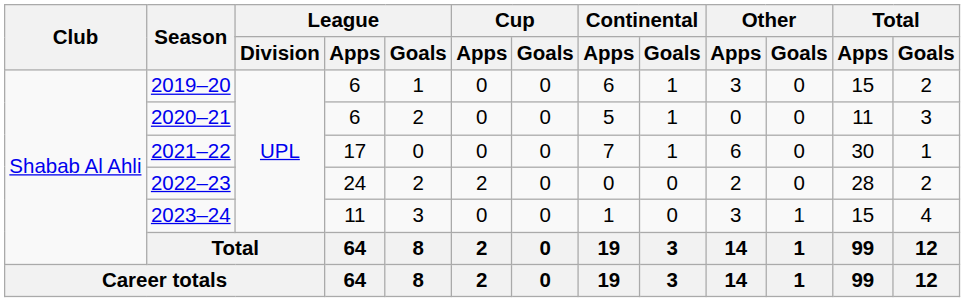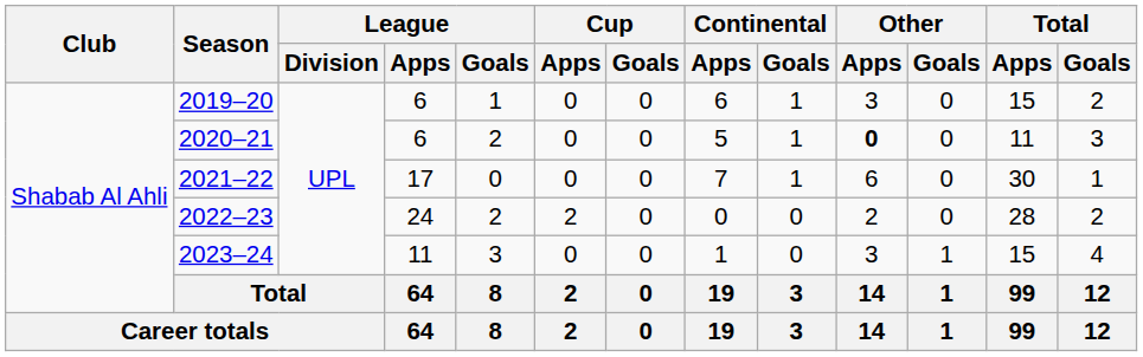 <table class="wikitable" style="text-align: center">
 <tr>
 <th rowspan="2">Club</th>
 <th rowspan="2">Season</th>
 <th colspan="3">League</th>
 <th colspan="2">Cup</th>
 <th colspan="2">Continental</th>
 <th colspan="2">Other</th>
 <th colspan="2">Total</th>
 </tr>
 <tr>
 <th>Division</th>
 <th>Apps</th>
 <th>Goals</th>
 <th>Apps</th>
 <th>Goals</th>
 <th>Apps</th>
 <th>Goals</th>
 <th>Apps</th>
 <th>Goals</th>
 <th>Apps</th>
 <th>Goals</th>
 </tr>
 <tr>
 <td rowspan="6" valign="center"><a href='#'>Shabab Al Ahli</a></td>
 <td><a href='#'>2019–20</a></td>
 <td rowspan="5"><a href='#'>UPL</a></td>
 <td>6</td>
 <td>1</td>
 <td>0</td>
 <td>0</td>
 <td>6</td>
 <td>1</td>
 <td>3</td>
 <td>0</td>
 <td>15</td>
 <td>2</td>
 </tr>
 <tr>
 <td><a href='#'>2020–21</a></td>
 <td>6</td>
 <td>2</td>
 <td>0</td>
 <td>0</td>
 <td>5</td>
 <td>1</td>
-<td>0</td>
+<td><strong>0</strong></td>
 <td>0</td>
 <td>11</td>
 <td>3</td>
 </tr>
 <tr>
 <td><a href='#'>2021–22</a></td>
 <td>17</td>
 <td>0</td>
 <td>0</td>
 <td>0</td>
 <td>7</td>
 <td>1</td>
 <td>6</td>
 <td>0</td>
 <td>30</td>
 <td>1</td>
 </tr>
 <tr>
 <td><a href='#'>2022–23</a></td>
 <td>24</td>
 <td>2</td>
 <td>2</td>
 <td>0</td>
 <td>0</td>
 <td>0</td>
 <td>2</td>
 <td>0</td>
 <td>28</td>
 <td>2</td>
 </tr>
 <tr>
 <td><a href='#'>2023–24</a></td>
 <td>11</td>
 <td>3</td>
 <td>0</td>
 <td>0</td>
 <td>1</td>
 <td>0</td>
 <td>3</td>
 <td>1</td>
 <td>15</td>
 <td>4</td>
 </tr>
 <tr>
 <th colspan="2">Total</th>
 <th>64</th>
 <th>8</th>
 <th>2</th>
 <th>0</th>
 <th>19</th>
 <th>3</th>
 <th>14</th>
 <th>1</th>
 <th>99</th>
 <th>12</th>
 </tr>
 <tr>
 <th colspan="3">Career totals</th>
 <th>64</th>
 <th>8</th>
 <th>2</th>
 <th>0</th>
 <th>19</th>
 <th>3</th>
 <th>14</th>
 <th>1</th>
 <th>99</th>
 <th>12</th>
 </tr>
 </table>
